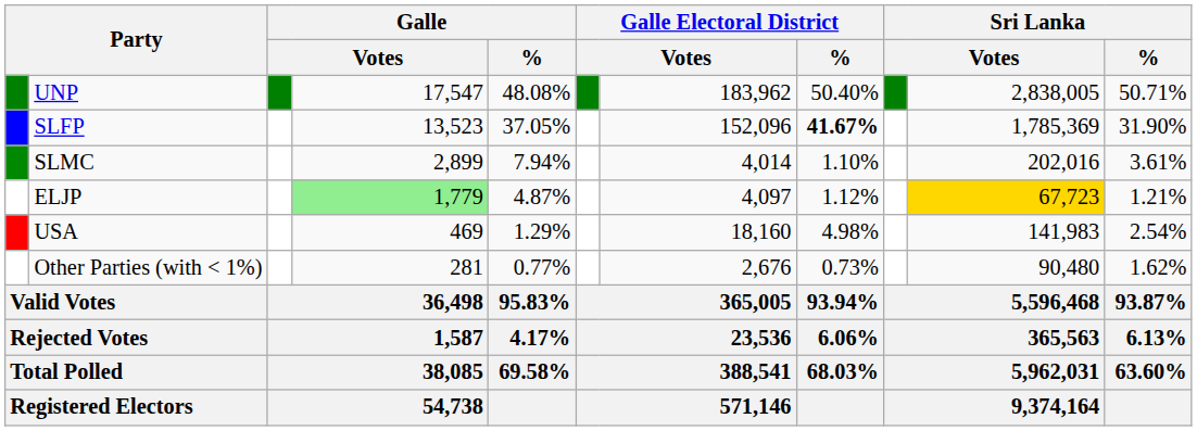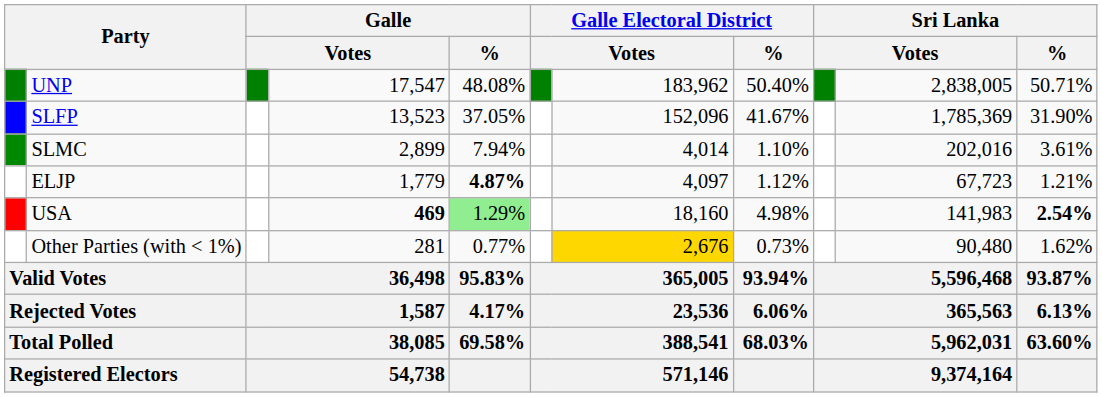 <table class="wikitable">
 <tr>
 <th colspan="2" width="144px"rowspan="2">Party</th>
 <th colspan="3" width="216px">Galle</th>
 <th colspan="3" width="216px"><a href='#'>Galle Electoral District</a></th>
 <th colspan="3" width="216px">Sri Lanka</th>
 </tr>
 <tr>
 <th colspan="2" width="144px">Votes</th>
 <th>%</th>
 <th colspan="2" width="144px">Votes</th>
 <th>%</th>
 <th colspan="2" width="144px">Votes</th>
 <th>%</th>
 </tr>
 <tr>
 <td style="background-color:green;" width="10px"></td>
 <td style="text-align:left;"><a href='#'>UNP</a></td>
 <td style="background-color:green;" width="10px"></td>
 <td style="text-align:right;">17,547</td>
 <td style="text-align:right;">48.08%</td>
 <td style="background-color:green;" width="10px"></td>
 <td style="text-align:right;">183,962</td>
 <td style="text-align:right;">50.40%</td>
 <td style="background-color:green;" width="10px"></td>
 <td style="text-align:right;">2,838,005</td>
 <td style="text-align:right;">50.71%</td>
 </tr>
 <tr>
 <td style="background-color:blue;" width="10px"></td>
 <td style="text-align:left;"><a href='#'>SLFP</a></td>
 <td style="background-color:white;" width="10px"></td>
 <td style="text-align:right;">13,523</td>
 <td style="text-align:right;">37.05%</td>
 <td style="background-color:white;" width="10px"></td>
 <td style="text-align:right;">152,096</td>
-<td style="text-align:right;"><strong>41.67%</strong></td>
+<td style="text-align:right;">41.67%</td>
 <td style="background-color:white;" width="10px"></td>
 <td style="text-align:right;">1,785,369</td>
 <td style="text-align:right;">31.90%</td>
 </tr>
 <tr>
 <td style="background-color:#008800;" width="10px"></td>
 <td style="text-align:left;">SLMC</td>
 <td style="background-color:white;" width="10px"></td>
 <td style="text-align:right;">2,899</td>
 <td style="text-align:right;">7.94%</td>
 <td style="background-color:white;" width="10px"></td>
 <td style="text-align:right;">4,014</td>
 <td style="text-align:right;">1.10%</td>
 <td style="background-color:white;" width="10px"></td>
 <td style="text-align:right;">202,016</td>
 <td style="text-align:right;">3.61%</td>
 </tr>
 <tr>
 <td style="background-color:white;" width="10px"></td>
 <td style="text-align:left;">ELJP</td>
 <td style="background-color:white;" width="10px"></td>
-<td style="background: lightgreen; text-align:right;">1,779</td>
-<td style="text-align:right;">4.87%</td>
+<td style="text-align:right;">1,779</td>
+<td style="text-align:right;"><strong>4.87%</strong></td>
 <td style="background-color:white;" width="10px"></td>
 <td style="text-align:right;">4,097</td>
 <td style="text-align:right;">1.12%</td>
 <td style="background-color:white;" width="10px"></td>
-<td style="background: gold; text-align:right;">67,723</td>
+<td style="text-align:right;">67,723</td>
 <td style="text-align:right;">1.21%</td>
 </tr>
 <tr>
 <td style="background-color:red;" width="10px"></td>
 <td style="text-align:left;">USA</td>
 <td style="background-color:white;" width="10px"></td>
-<td style="text-align:right;">469</td>
-<td style="text-align:right;">1.29%</td>
+<td style="text-align:right;"><strong>469</strong></td>
+<td style="background: lightgreen; text-align:right;">1.29%</td>
 <td style="background-color:white;" width="10px"></td>
 <td style="text-align:right;">18,160</td>
 <td style="text-align:right;">4.98%</td>
 <td style="background-color:white;" width="10px"></td>
 <td style="text-align:right;">141,983</td>
-<td style="text-align:right;">2.54%</td>
+<td style="text-align:right;"><strong>2.54%</strong></td>
 </tr>
 <tr>
 <td style="background-color:white;" width="10px"></td>
 <td style="text-align:left;">Other Parties (with < 1%)</td>
 <td style="background-color:white;" width="10px"></td>
 <td style="text-align:right;">281</td>
 <td style="text-align:right;">0.77%</td>
 <td style="background-color:white;" width="10px"></td>
-<td style="text-align:right;">2,676</td>
+<td style="background: gold; text-align:right;">2,676</td>
 <td style="text-align:right;">0.73%</td>
 <td style="background-color:white;" width="10px"></td>
 <td style="text-align:right;">90,480</td>
 <td style="text-align:right;">1.62%</td>
 </tr>
 <tr>
 <th colspan="2" width="144px"style="text-align:left;">Valid Votes</th>
 <th style="text-align:right;"colspan="2" width="144px">36,498</th>
 <th style="text-align:right;">95.83%</th>
 <th style="text-align:right;"colspan="2" width="144px">365,005</th>
 <th style="text-align:right;">93.94%</th>
 <th style="text-align:right;"colspan="2" width="144px">5,596,468</th>
 <th style="text-align:right;">93.87%</th>
 </tr>
 <tr>
 <th colspan="2" width="144px"style="text-align:left;">Rejected Votes</th>
 <th style="text-align:right;"colspan="2" width="144px">1,587</th>
 <th style="text-align:right;">4.17%</th>
 <th style="text-align:right;"colspan="2" width="144px">23,536</th>
 <th style="text-align:right;">6.06%</th>
 <th style="text-align:right;"colspan="2" width="144px">365,563</th>
 <th style="text-align:right;">6.13%</th>
 </tr>
 <tr>
 <th colspan="2" width="144px"style="text-align:left;">Total Polled</th>
 <th style="text-align:right;"colspan="2" width="144px">38,085</th>
 <th style="text-align:right;">69.58%</th>
 <th style="text-align:right;"colspan="2" width="144px">388,541</th>
 <th style="text-align:right;">68.03%</th>
 <th style="text-align:right;"colspan="2" width="144px">5,962,031</th>
 <th style="text-align:right;">63.60%</th>
 </tr>
 <tr>
 <th colspan="2" width="144px"style="text-align:left;">Registered Electors</th>
 <th style="text-align:right;"colspan="2" width="144px">54,738</th>
 <th></th>
 <th style="text-align:right;"colspan="2" width="144px">571,146</th>
 <th></th>
 <th style="text-align:right;"colspan="2" width="144px">9,374,164</th>
 <th></th>
 </tr>
 </table>
